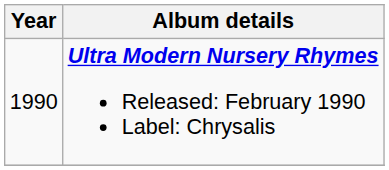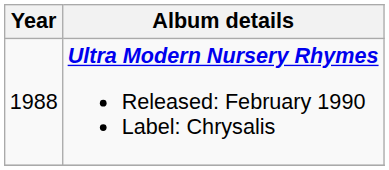 <table class="wikitable">
 <tr>
 <th>Year</th>
 <th>Album details</th>
 </tr>
 <tr>
-<td align="center">1990</td>
+<td align="center">1988</td>
 <td align="left"><strong><em><a href='#'>Ultra Modern Nursery Rhymes</a></em></strong><br><ul><li>Released: February 1990</li><li>Label: Chrysalis</li></ul></td>
 </tr>
 <tr>
 </tr>
 </table>
